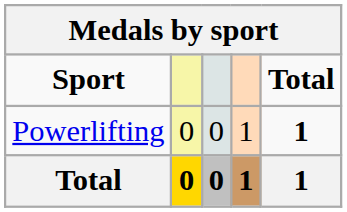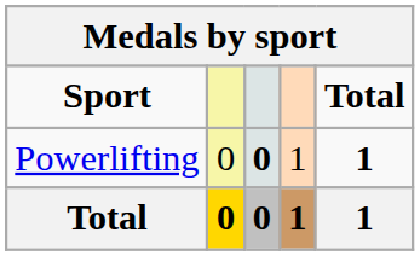 <table class="wikitable" style=font-size:85%>
 <tr style="background:#efefef;">
 <th colspan=5><strong>Medals by sport</strong></th>
 </tr>
 <tr align=center>
 <td><strong>Sport</strong></td>
 <td bgcolor=#f7f6a8></td>
 <td bgcolor=#dce5e5></td>
 <td bgcolor=#ffdab9></td>
 <td><strong>Total</strong></td>
 </tr>
 <tr align=center>
 <td><a href='#'>Powerlifting</a></td>
 <td style="background:#F7F6A8;">0</td>
-<td style="background:#DCE5E5;">0</td>
+<td style="background:#DCE5E5;"><strong>0</strong></td>
 <td style="background:#FFDAB9;">1</td>
 <td><strong>1</strong></td>
 </tr>
 <tr align=center>
 <th><strong>Total</strong></th>
 <th style="background:gold;"><strong>0</strong></th>
 <th style="background:silver;"><strong>0</strong></th>
 <th style="background:#c96;"><strong>1</strong></th>
 <th><strong>1</strong></th>
 </tr>
 </table>
